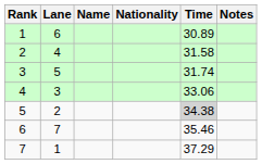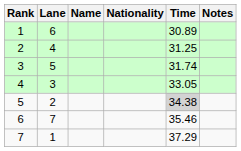 <table class="wikitable sortable" style="text-align:center">
 <tr>
 <th>Rank</th>
 <th>Lane</th>
 <th>Name</th>
 <th>Nationality</th>
 <th>Time</th>
 <th>Notes</th>
 </tr>
 <tr bgcolor=ccffcc>
 <td>1</td>
 <td>6</td>
 <td align=left></td>
 <td align=left></td>
 <td>30.89</td>
 <td><strong></strong></td>
 </tr>
 <tr bgcolor=ccffcc>
 <td>2</td>
 <td>4</td>
 <td align=left></td>
 <td align=left></td>
-<td>31.58</td>
+<td>31.25</td>
 <td><strong></strong></td>
 </tr>
 <tr bgcolor=ccffcc>
 <td>3</td>
 <td>5</td>
 <td align=left></td>
 <td align=left></td>
 <td>31.74</td>
 <td><strong></strong></td>
 </tr>
 <tr bgcolor=ccffcc>
 <td>4</td>
 <td>3</td>
 <td align=left></td>
 <td align=left></td>
-<td>33.06</td>
+<td>33.05</td>
 <td><strong></strong></td>
 </tr>
 <tr>
 <td>5</td>
 <td>2</td>
 <td align=left></td>
 <td align=left></td>
 <td style="background: lightgrey;">34.38</td>
 <td></td>
 </tr>
 <tr>
 <td>6</td>
 <td>7</td>
 <td align=left></td>
 <td align=left></td>
 <td>35.46</td>
 <td></td>
 </tr>
 <tr>
 <td>7</td>
 <td>1</td>
 <td align=left></td>
 <td align=left></td>
 <td>37.29</td>
 <td></td>
 </tr>
 </table>
